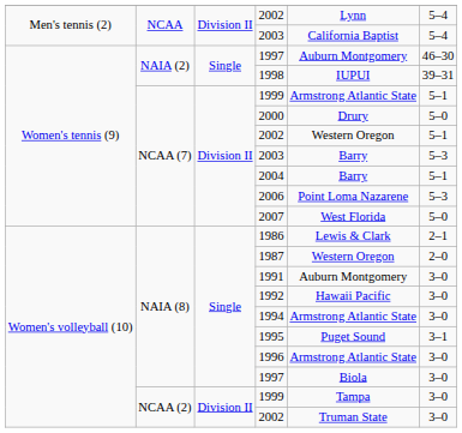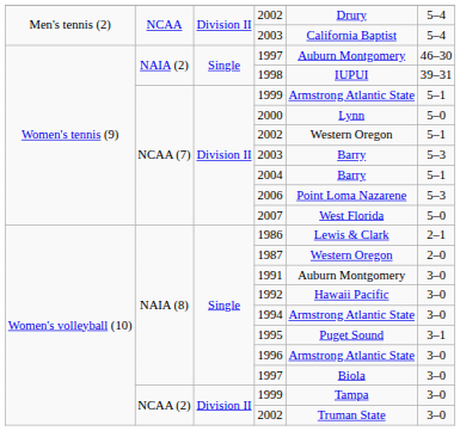 <table class="wikitable">
 <tr>
 </tr>
 <tr align="center">
 <td rowspan="2">Men's tennis (2)</td>
 <td rowspan="2"><a href='#'>NCAA</a></td>
 <td rowspan="2"><a href='#'>Division II</a></td>
 <td>2002</td>
-<td><a href='#'>Lynn</a></td>
+<td><a href='#'>Drury</a></td>
 <td>5–4</td>
 </tr>
 <tr align="center">
 <td>2003</td>
 <td><a href='#'>California Baptist</a></td>
 <td>5–4</td>
 </tr>
 <tr align="center">
 <td rowspan="9"><a href='#'>Women's tennis</a> (9) </td>
 <td rowspan="2"><a href='#'>NAIA</a> (2)</td>
 <td rowspan="2"><a href='#'>Single</a></td>
 <td>1997</td>
 <td><a href='#'>Auburn Montgomery</a></td>
 <td>46–30</td>
 </tr>
 <tr align="center">
 <td>1998</td>
 <td><a href='#'>IUPUI</a></td>
 <td>39–31</td>
 </tr>
 <tr align="center">
 <td rowspan="7">NCAA (7)</td>
 <td rowspan="7"><a href='#'>Division II</a></td>
 <td>1999</td>
 <td><a href='#'>Armstrong Atlantic State</a></td>
 <td>5–1</td>
 </tr>
 <tr align="center">
 <td>2000</td>
-<td><a href='#'>Drury</a></td>
+<td><a href='#'>Lynn</a></td>
 <td>5–0</td>
 </tr>
 <tr align="center">
 <td>2002</td>
 <td>Western Oregon</td>
 <td>5–1</td>
 </tr>
 <tr align="center">
 <td>2003</td>
 <td><a href='#'>Barry</a></td>
 <td>5–3</td>
 </tr>
 <tr align="center">
 <td>2004</td>
 <td><a href='#'>Barry</a></td>
 <td>5–1</td>
 </tr>
 <tr align="center">
 <td>2006</td>
 <td><a href='#'>Point Loma Nazarene</a></td>
 <td>5–3</td>
 </tr>
 <tr align="center">
 <td>2007</td>
 <td><a href='#'>West Florida</a></td>
 <td>5–0</td>
 </tr>
 <tr align="center">
 <td rowspan="10"><a href='#'>Women's volleyball</a> (10)</td>
 <td rowspan="8">NAIA (8)</td>
 <td rowspan="8"><a href='#'>Single</a></td>
 <td>1986</td>
 <td><a href='#'>Lewis & Clark</a></td>
 <td>2–1</td>
 </tr>
 <tr align="center">
 <td>1987</td>
 <td><a href='#'>Western Oregon</a></td>
 <td>2–0</td>
 </tr>
 <tr align="center">
 <td>1991</td>
 <td>Auburn Montgomery</td>
 <td>3–0</td>
 </tr>
 <tr align="center">
 <td>1992</td>
 <td><a href='#'>Hawaii Pacific</a></td>
 <td>3–0</td>
 </tr>
 <tr align="center">
 <td>1994</td>
 <td><a href='#'>Armstrong Atlantic State</a></td>
 <td>3–0</td>
 </tr>
 <tr align="center">
 <td>1995</td>
 <td><a href='#'>Puget Sound</a></td>
 <td>3–1</td>
 </tr>
 <tr align="center">
 <td>1996</td>
 <td><a href='#'>Armstrong Atlantic State</a></td>
 <td>3–0</td>
 </tr>
 <tr align="center">
 <td>1997</td>
 <td><a href='#'>Biola</a></td>
 <td>3–0</td>
 </tr>
 <tr align="center">
 <td rowspan="2">NCAA (2)</td>
 <td rowspan="2"><a href='#'>Division II</a></td>
 <td>1999</td>
 <td><a href='#'>Tampa</a></td>
 <td>3–0</td>
 </tr>
 <tr align="center">
 <td>2002</td>
 <td><a href='#'>Truman State</a></td>
 <td>3–0</td>
 </tr>
 </table>
